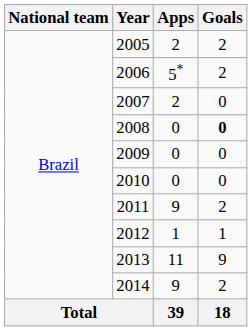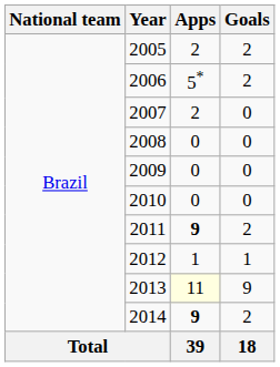 <table class="wikitable" style="text-align:center">
 <tr>
 <th>National team</th>
 <th>Year</th>
 <th>Apps</th>
 <th>Goals</th>
 </tr>
 <tr>
 <td rowspan="10"><a href='#'>Brazil</a></td>
 <td>2005</td>
 <td>2</td>
 <td>2</td>
 </tr>
 <tr>
 <td>2006</td>
 <td>5<sup>*</sup></td>
 <td>2</td>
 </tr>
 <tr>
 <td>2007</td>
 <td>2</td>
 <td>0</td>
 </tr>
 <tr>
 <td>2008</td>
 <td>0</td>
-<td><strong>0</strong></td>
+<td>0</td>
 </tr>
 <tr>
 <td>2009</td>
 <td>0</td>
 <td>0</td>
 </tr>
 <tr>
 <td>2010</td>
 <td>0</td>
 <td>0</td>
 </tr>
 <tr>
 <td>2011</td>
-<td>9</td>
+<td><strong>9</strong></td>
 <td>2</td>
 </tr>
 <tr>
 <td>2012</td>
 <td>1</td>
 <td>1</td>
 </tr>
 <tr>
 <td>2013</td>
-<td>11</td>
+<td style="background: lightyellow;">11</td>
 <td>9</td>
 </tr>
 <tr>
 <td>2014</td>
-<td>9</td>
+<td><strong>9</strong></td>
 <td>2</td>
 </tr>
 <tr>
 <th colspan="2">Total</th>
 <th>39</th>
 <th>18</th>
 </tr>
 </table>
